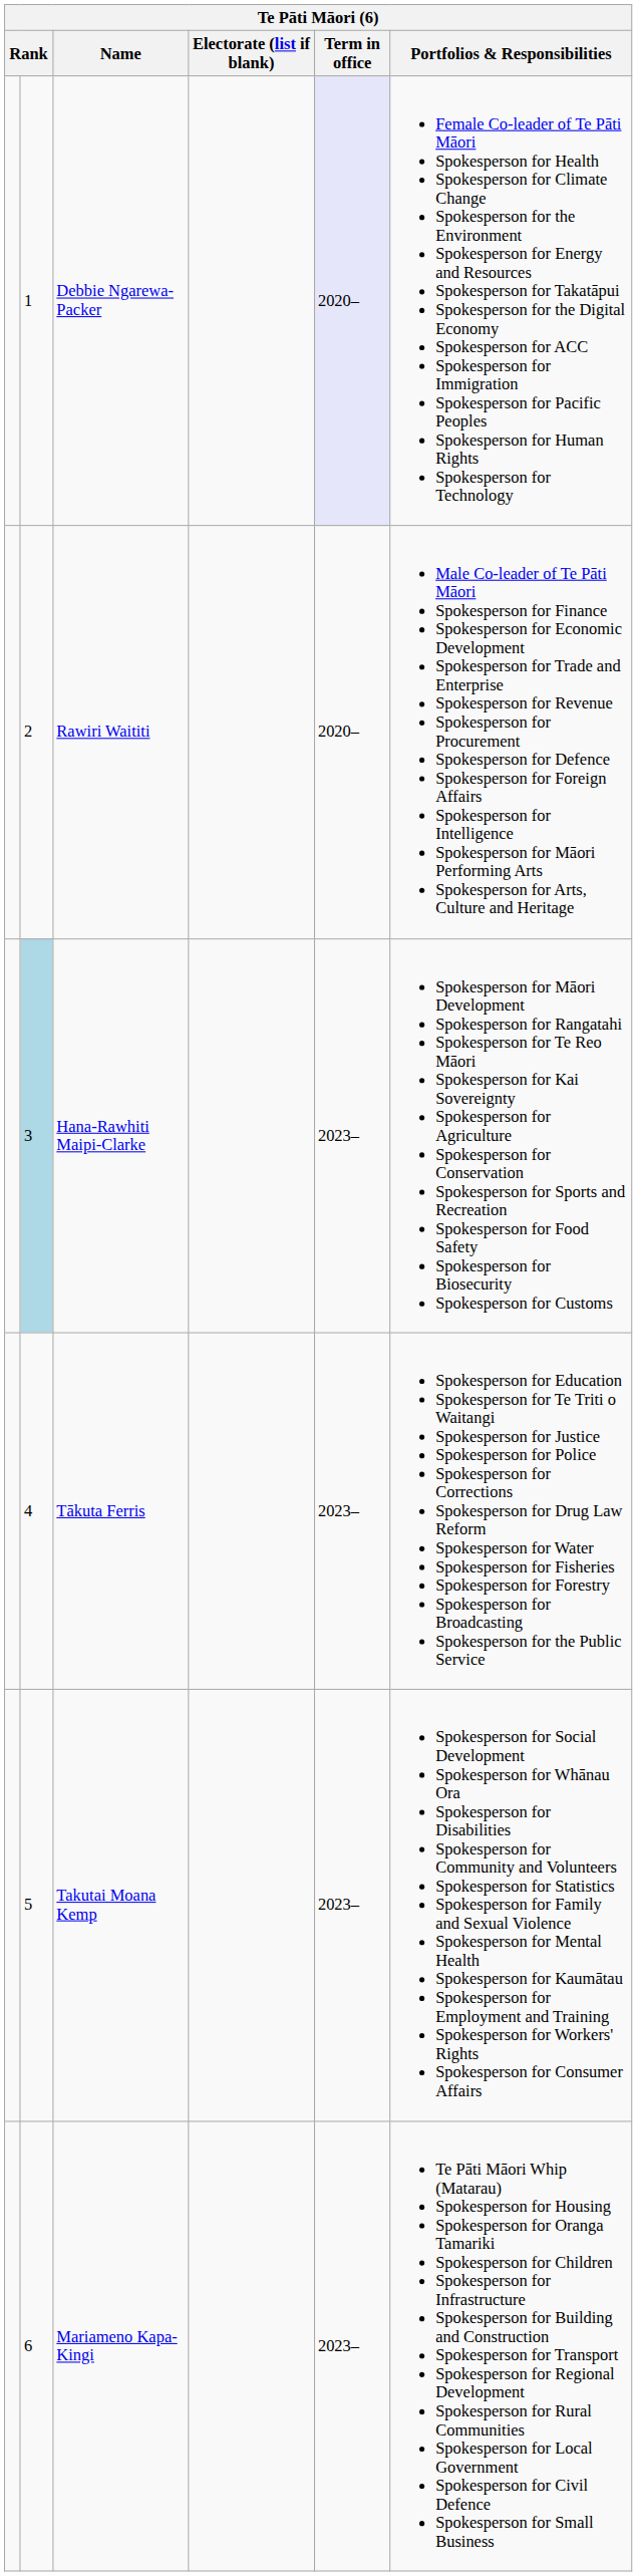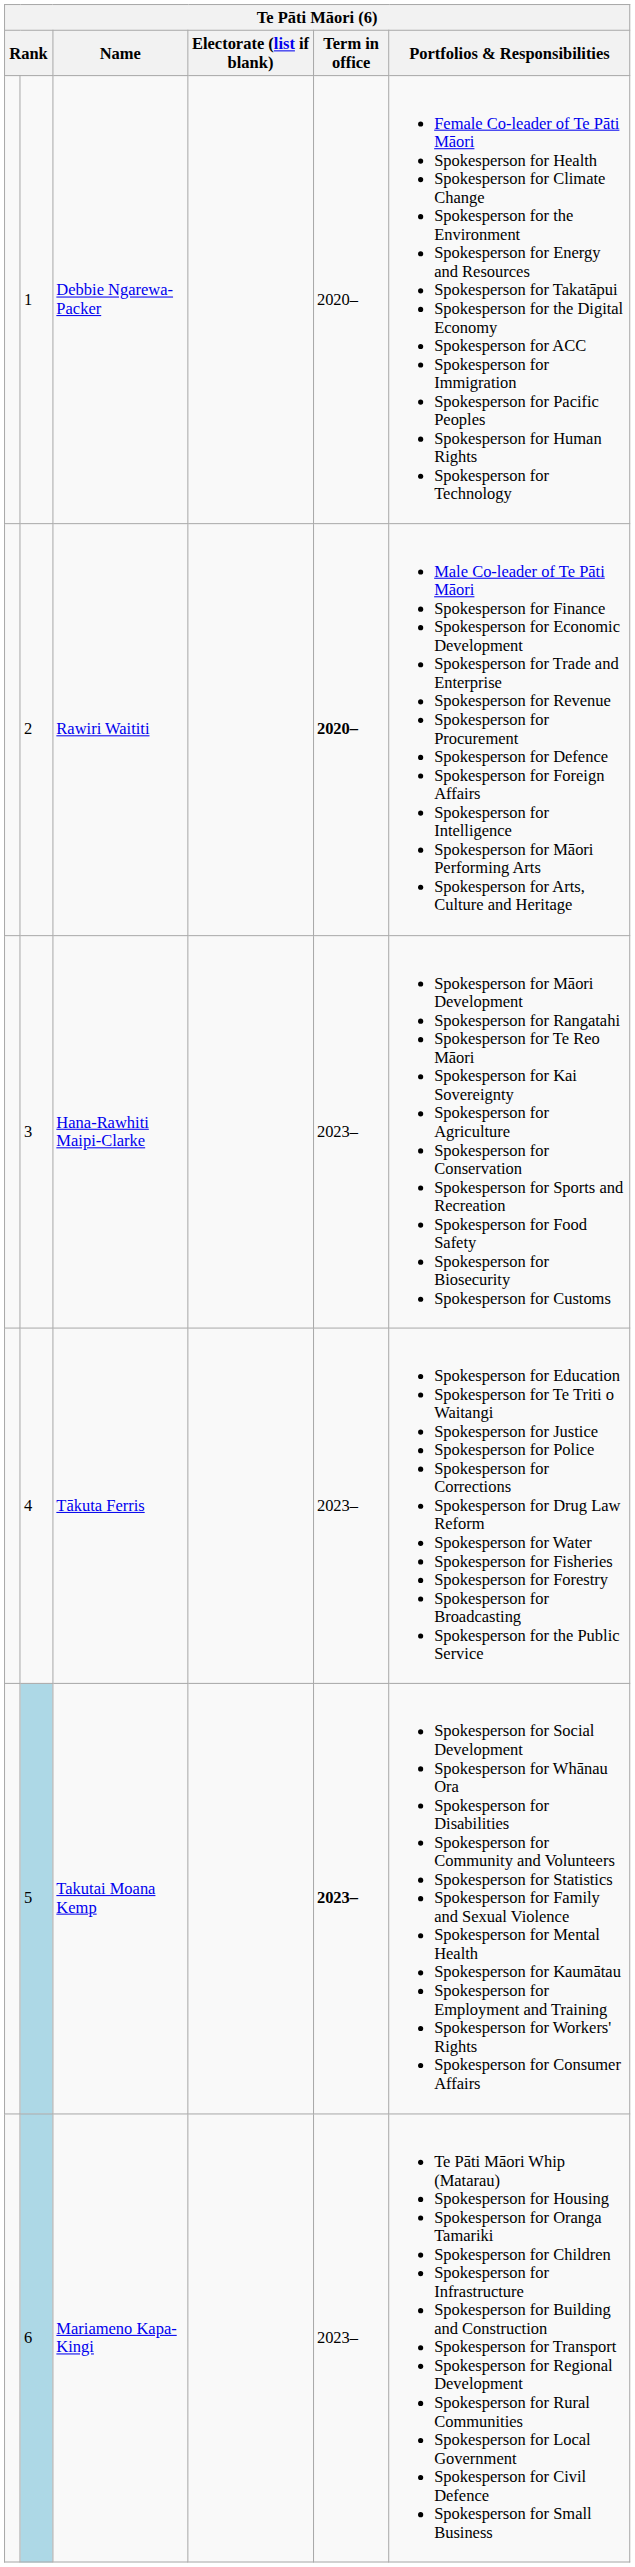 <table role="presentation" class="wikitable mw-collapsible mw-collapsed">
 <tr>
 <th colspan="6" style="width: 700pt; background: ">Te Pāti Māori (6)</th>
 </tr>
 <tr>
 <th colspan="2">Rank</th>
 <th>Name</th>
 <th>Electorate (<a href='#'>list</a> if blank)</th>
 <th>Term in office</th>
 <th>Portfolios & Responsibilities</th>
 </tr>
 <tr>
 <td></td>
 <td>1</td>
 <td><a href='#'>Debbie Ngarewa-Packer</a></td>
 <td></td>
-<td style="background: lavender;">2020–</td>
+<td>2020–</td>
 <td><br><ul><li><a href='#'>Female Co-leader of Te Pāti Māori</a></li><li>Spokesperson for Health</li><li>Spokesperson for Climate Change</li><li>Spokesperson for the Environment</li><li>Spokesperson for Energy and Resources</li><li>Spokesperson for Takatāpui</li><li>Spokesperson for the Digital Economy</li><li>Spokesperson for ACC</li><li>Spokesperson for Immigration</li><li>Spokesperson for Pacific Peoples</li><li>Spokesperson for Human Rights</li><li>Spokesperson for Technology</li></ul></td>
 </tr>
 <tr>
 <td></td>
 <td>2</td>
 <td><a href='#'>Rawiri Waititi</a></td>
 <td></td>
-<td>2020–</td>
+<td><strong>2020–</strong></td>
 <td><br><ul><li><a href='#'>Male Co-leader of Te Pāti Māori</a></li><li>Spokesperson for Finance</li><li>Spokesperson for Economic Development</li><li>Spokesperson for Trade and Enterprise</li><li>Spokesperson for Revenue</li><li>Spokesperson for Procurement</li><li>Spokesperson for Defence</li><li>Spokesperson for Foreign Affairs</li><li>Spokesperson for Intelligence</li><li>Spokesperson for Māori Performing Arts</li><li>Spokesperson for Arts, Culture and Heritage</li></ul></td>
 </tr>
 <tr>
 <td></td>
-<td style="background: lightblue;">3</td>
+<td>3</td>
 <td><a href='#'>Hana-Rawhiti Maipi-Clarke</a></td>
 <td></td>
 <td>2023–</td>
 <td><br><ul><li>Spokesperson for Māori Development</li><li>Spokesperson for Rangatahi</li><li>Spokesperson for Te Reo Māori</li><li>Spokesperson for Kai Sovereignty</li><li>Spokesperson for Agriculture</li><li>Spokesperson for Conservation</li><li>Spokesperson for Sports and Recreation</li><li>Spokesperson for Food Safety</li><li>Spokesperson for Biosecurity</li><li>Spokesperson for Customs</li></ul></td>
 </tr>
 <tr>
 <td></td>
 <td>4</td>
 <td><a href='#'>Tākuta Ferris</a></td>
 <td></td>
 <td>2023–</td>
 <td><br><ul><li>Spokesperson for Education</li><li>Spokesperson for Te Triti o Waitangi</li><li>Spokesperson for Justice</li><li>Spokesperson for Police</li><li>Spokesperson for Corrections</li><li>Spokesperson for Drug Law Reform</li><li>Spokesperson for Water</li><li>Spokesperson for Fisheries</li><li>Spokesperson for Forestry</li><li>Spokesperson for Broadcasting</li><li>Spokesperson for the Public Service</li></ul></td>
 </tr>
 <tr>
 <td></td>
-<td>5</td>
+<td style="background: lightblue;">5</td>
 <td><a href='#'>Takutai Moana Kemp</a></td>
 <td></td>
-<td>2023–</td>
+<td><strong>2023–</strong></td>
 <td><br><ul><li>Spokesperson for Social Development</li><li>Spokesperson for Whānau Ora</li><li>Spokesperson for Disabilities</li><li>Spokesperson for Community and Volunteers</li><li>Spokesperson for Statistics</li><li>Spokesperson for Family and Sexual Violence</li><li>Spokesperson for Mental Health</li><li>Spokesperson for Kaumātau</li><li>Spokesperson for Employment and Training</li><li>Spokesperson for Workers' Rights</li><li>Spokesperson for Consumer Affairs</li></ul></td>
 </tr>
 <tr>
 <td></td>
-<td>6</td>
+<td style="background: lightblue;">6</td>
 <td><a href='#'>Mariameno Kapa-Kingi</a></td>
 <td></td>
 <td>2023–</td>
 <td><br><ul><li>Te Pāti Māori	 Whip (Matarau)</li><li>Spokesperson for Housing</li><li>Spokesperson for Oranga Tamariki</li><li>Spokesperson for Children</li><li>Spokesperson for Infrastructure</li><li>Spokesperson for Building and Construction</li><li>Spokesperson for Transport</li><li>Spokesperson for Regional Development</li><li>Spokesperson for Rural Communities</li><li>Spokesperson for Local Government</li><li>Spokesperson for Civil Defence</li><li>Spokesperson for Small Business</li></ul></td>
 </tr>
 </table>
